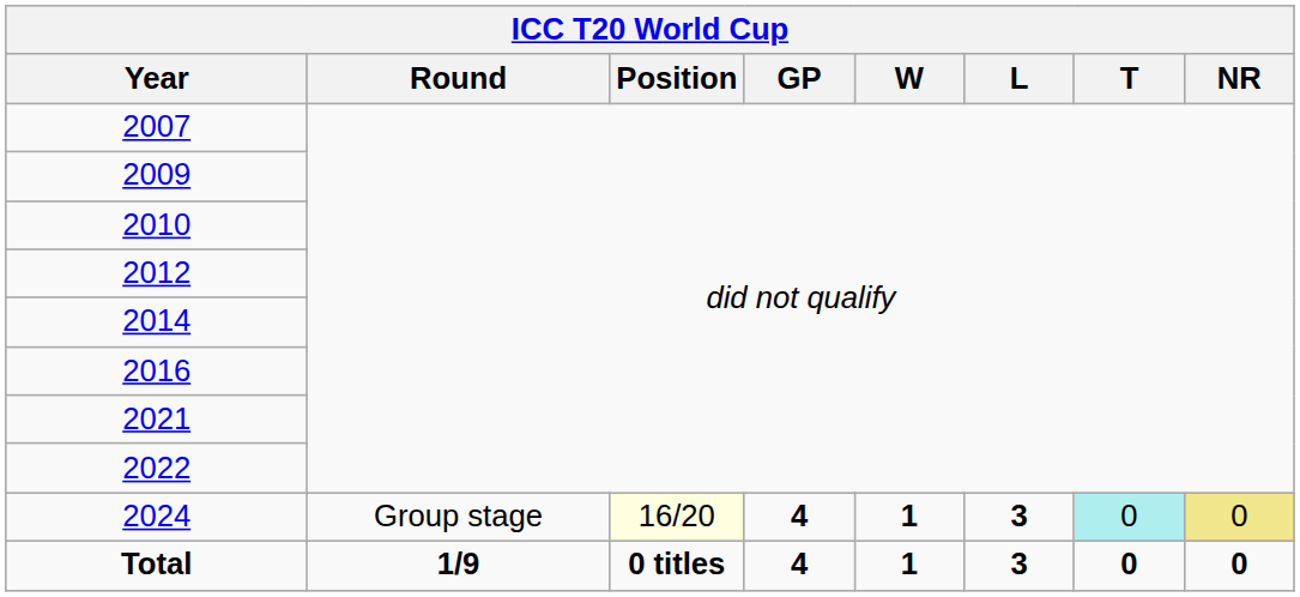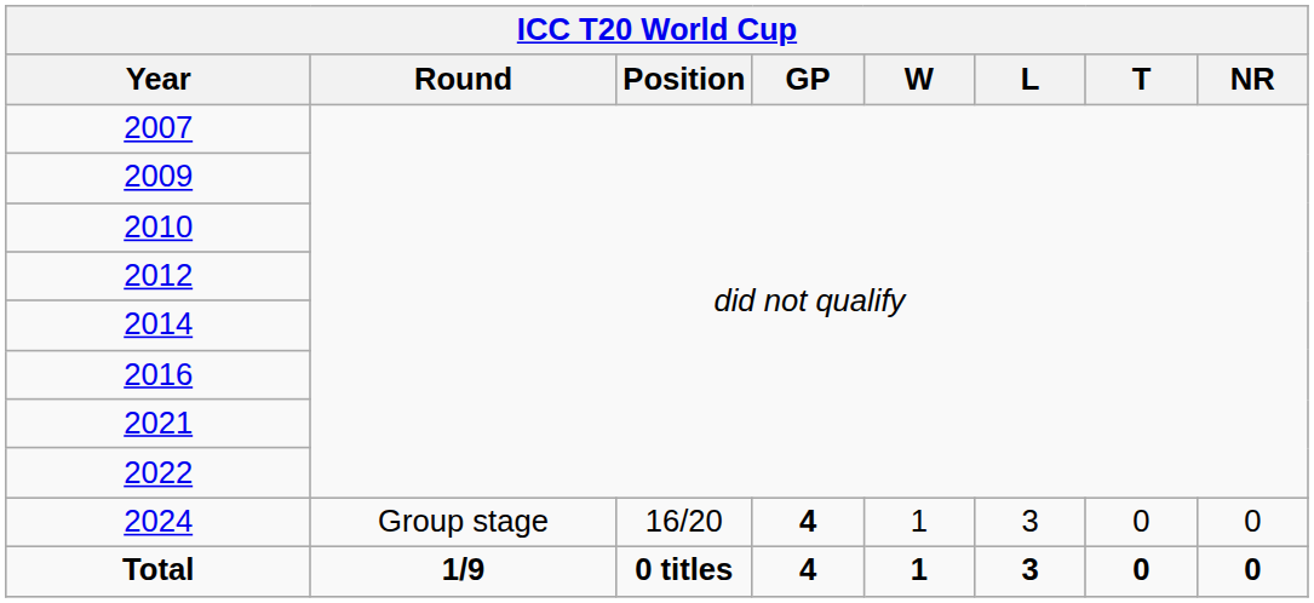 <table class="wikitable" style="text-align: center;">
 <tr>
 <th colspan="8"><a href='#'>ICC T20 World Cup</a></th>
 </tr>
 <tr>
 <th width=150>Year</th>
 <th width=150>Round</th>
 <th width=50>Position</th>
 <th width=50>GP</th>
 <th width=50>W</th>
 <th width=50>L</th>
 <th width=50>T</th>
 <th width=50>NR</th>
 </tr>
 <tr>
 <td> <a href='#'>2007</a></td>
 <td colspan="7" rowspan="8"><em>did not qualify</em></td>
 </tr>
 <tr>
 <td> <a href='#'>2009</a></td>
 </tr>
 <tr>
 <td> <a href='#'>2010</a></td>
 </tr>
 <tr>
 <td> <a href='#'>2012</a></td>
 </tr>
 <tr>
 <td> <a href='#'>2014</a></td>
 </tr>
 <tr>
 <td> <a href='#'>2016</a></td>
 </tr>
 <tr>
 <td> <a href='#'>2021</a></td>
 </tr>
 <tr>
 <td> <a href='#'>2022</a></td>
 </tr>
 <tr>
 <td> <a href='#'>2024</a></td>
 <td>Group stage</td>
-<td style="background: lightyellow;">16/20</td>
+<td>16/20</td>
 <td><strong>4</strong></td>
-<td><strong>1</strong></td>
-<td><strong>3</strong></td>
-<td style="background: paleturquoise;">0</td>
-<td style="background: khaki;">0</td>
+<td>1</td>
+<td>3</td>
+<td>0</td>
+<td>0</td>
 </tr>
 <tr>
 <td><strong>Total</strong></td>
 <td><strong>1/9</strong></td>
 <td><strong>0 titles</strong></td>
 <td><strong>4</strong></td>
 <td><strong>1</strong></td>
 <td><strong>3</strong></td>
 <td><strong>0</strong></td>
 <td><strong>0</strong></td>
 </tr>
 </table>
